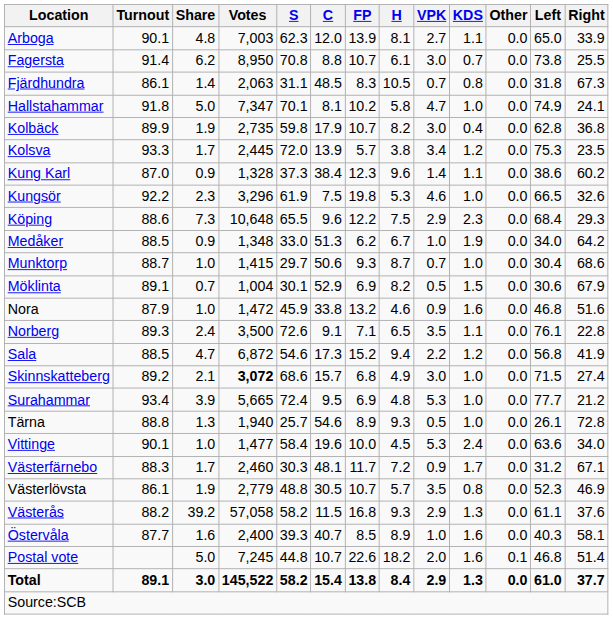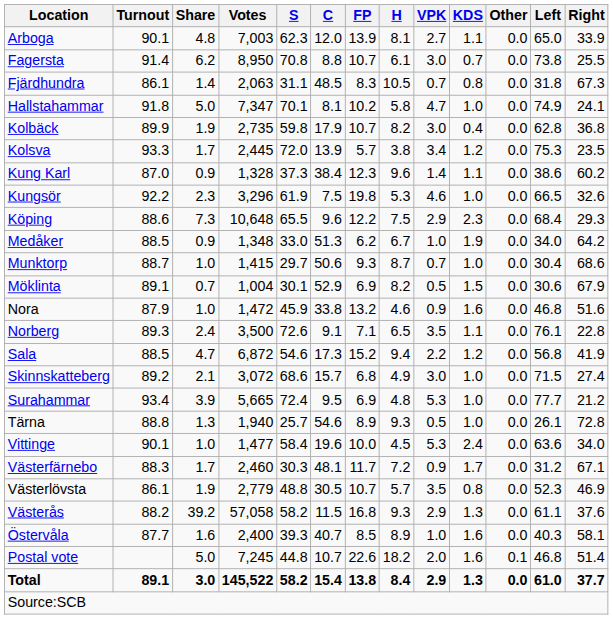 <table class="wikitable sortable" style=text-align:right>
 <tr>
 <th>Location</th>
 <th>Turnout</th>
 <th>Share</th>
 <th>Votes</th>
 <th><a href='#'>S</a></th>
 <th><a href='#'>C</a></th>
 <th><a href='#'>FP</a></th>
 <th><a href='#'>H</a></th>
 <th><a href='#'>VPK</a></th>
 <th><a href='#'>KDS</a></th>
 <th>Other</th>
 <th>Left</th>
 <th>Right</th>
 </tr>
 <tr>
 <td align=left><a href='#'>Arboga</a></td>
 <td>90.1</td>
 <td>4.8</td>
 <td>7,003</td>
 <td>62.3</td>
 <td>12.0</td>
 <td>13.9</td>
 <td>8.1</td>
 <td>2.7</td>
 <td>1.1</td>
 <td>0.0</td>
 <td>65.0</td>
 <td>33.9</td>
 </tr>
 <tr>
 <td align=left><a href='#'>Fagersta</a></td>
 <td>91.4</td>
 <td>6.2</td>
 <td>8,950</td>
 <td>70.8</td>
 <td>8.8</td>
 <td>10.7</td>
 <td>6.1</td>
 <td>3.0</td>
 <td>0.7</td>
 <td>0.0</td>
 <td>73.8</td>
 <td>25.5</td>
 </tr>
 <tr>
 <td align=left><a href='#'>Fjärdhundra</a></td>
 <td>86.1</td>
 <td>1.4</td>
 <td>2,063</td>
 <td>31.1</td>
 <td>48.5</td>
 <td>8.3</td>
 <td>10.5</td>
 <td>0.7</td>
 <td>0.8</td>
 <td>0.0</td>
 <td>31.8</td>
 <td>67.3</td>
 </tr>
 <tr>
 <td align=left><a href='#'>Hallstahammar</a></td>
 <td>91.8</td>
 <td>5.0</td>
 <td>7,347</td>
 <td>70.1</td>
 <td>8.1</td>
 <td>10.2</td>
 <td>5.8</td>
 <td>4.7</td>
 <td>1.0</td>
 <td>0.0</td>
 <td>74.9</td>
 <td>24.1</td>
 </tr>
 <tr>
 <td align=left><a href='#'>Kolbäck</a></td>
 <td>89.9</td>
 <td>1.9</td>
 <td>2,735</td>
 <td>59.8</td>
 <td>17.9</td>
 <td>10.7</td>
 <td>8.2</td>
 <td>3.0</td>
 <td>0.4</td>
 <td>0.0</td>
 <td>62.8</td>
 <td>36.8</td>
 </tr>
 <tr>
 <td align=left><a href='#'>Kolsva</a></td>
 <td>93.3</td>
 <td>1.7</td>
 <td>2,445</td>
 <td>72.0</td>
 <td>13.9</td>
 <td>5.7</td>
 <td>3.8</td>
 <td>3.4</td>
 <td>1.2</td>
 <td>0.0</td>
 <td>75.3</td>
 <td>23.5</td>
 </tr>
 <tr>
 <td align=left><a href='#'>Kung Karl</a></td>
 <td>87.0</td>
 <td>0.9</td>
 <td>1,328</td>
 <td>37.3</td>
 <td>38.4</td>
 <td>12.3</td>
 <td>9.6</td>
 <td>1.4</td>
 <td>1.1</td>
 <td>0.0</td>
 <td>38.6</td>
 <td>60.2</td>
 </tr>
 <tr>
 <td align=left><a href='#'>Kungsör</a></td>
 <td>92.2</td>
 <td>2.3</td>
 <td>3,296</td>
 <td>61.9</td>
 <td>7.5</td>
 <td>19.8</td>
 <td>5.3</td>
 <td>4.6</td>
 <td>1.0</td>
 <td>0.0</td>
 <td>66.5</td>
 <td>32.6</td>
 </tr>
 <tr>
 <td align=left><a href='#'>Köping</a></td>
 <td>88.6</td>
 <td>7.3</td>
 <td>10,648</td>
 <td>65.5</td>
 <td>9.6</td>
 <td>12.2</td>
 <td>7.5</td>
 <td>2.9</td>
 <td>2.3</td>
 <td>0.0</td>
 <td>68.4</td>
 <td>29.3</td>
 </tr>
 <tr>
 <td align=left><a href='#'>Medåker</a></td>
 <td>88.5</td>
 <td>0.9</td>
 <td>1,348</td>
 <td>33.0</td>
 <td>51.3</td>
 <td>6.2</td>
 <td>6.7</td>
 <td>1.0</td>
 <td>1.9</td>
 <td>0.0</td>
 <td>34.0</td>
 <td>64.2</td>
 </tr>
 <tr>
 <td align=left><a href='#'>Munktorp</a></td>
 <td>88.7</td>
 <td>1.0</td>
 <td>1,415</td>
 <td>29.7</td>
 <td>50.6</td>
 <td>9.3</td>
 <td>8.7</td>
 <td>0.7</td>
 <td>1.0</td>
 <td>0.0</td>
 <td>30.4</td>
 <td>68.6</td>
 </tr>
 <tr>
 <td align=left><a href='#'>Möklinta</a></td>
 <td>89.1</td>
 <td>0.7</td>
 <td>1,004</td>
 <td>30.1</td>
 <td>52.9</td>
 <td>6.9</td>
 <td>8.2</td>
 <td>0.5</td>
 <td>1.5</td>
 <td>0.0</td>
 <td>30.6</td>
 <td>67.9</td>
 </tr>
 <tr>
 <td align=left>Nora</td>
 <td>87.9</td>
 <td>1.0</td>
 <td>1,472</td>
 <td>45.9</td>
 <td>33.8</td>
 <td>13.2</td>
 <td>4.6</td>
 <td>0.9</td>
 <td>1.6</td>
 <td>0.0</td>
 <td>46.8</td>
 <td>51.6</td>
 </tr>
 <tr>
 <td align=left><a href='#'>Norberg</a></td>
 <td>89.3</td>
 <td>2.4</td>
 <td>3,500</td>
 <td>72.6</td>
 <td>9.1</td>
 <td>7.1</td>
 <td>6.5</td>
 <td>3.5</td>
 <td>1.1</td>
 <td>0.0</td>
 <td>76.1</td>
 <td>22.8</td>
 </tr>
 <tr>
 <td align=left><a href='#'>Sala</a></td>
 <td>88.5</td>
 <td>4.7</td>
 <td>6,872</td>
 <td>54.6</td>
 <td>17.3</td>
 <td>15.2</td>
 <td>9.4</td>
 <td>2.2</td>
 <td>1.2</td>
 <td>0.0</td>
 <td>56.8</td>
 <td>41.9</td>
 </tr>
 <tr>
 <td align=left><a href='#'>Skinnskatteberg</a></td>
 <td>89.2</td>
 <td>2.1</td>
-<td><strong>3,072</strong></td>
+<td>3,072</td>
 <td>68.6</td>
 <td>15.7</td>
 <td>6.8</td>
 <td>4.9</td>
 <td>3.0</td>
 <td>1.0</td>
 <td>0.0</td>
 <td>71.5</td>
 <td>27.4</td>
 </tr>
 <tr>
 <td align=left><a href='#'>Surahammar</a></td>
 <td>93.4</td>
 <td>3.9</td>
 <td>5,665</td>
 <td>72.4</td>
 <td>9.5</td>
 <td>6.9</td>
 <td>4.8</td>
 <td>5.3</td>
 <td>1.0</td>
 <td>0.0</td>
 <td>77.7</td>
 <td>21.2</td>
 </tr>
 <tr>
 <td align=left>Tärna</td>
 <td>88.8</td>
 <td>1.3</td>
 <td>1,940</td>
 <td>25.7</td>
 <td>54.6</td>
 <td>8.9</td>
 <td>9.3</td>
 <td>0.5</td>
 <td>1.0</td>
 <td>0.0</td>
 <td>26.1</td>
 <td>72.8</td>
 </tr>
 <tr>
 <td align=left><a href='#'>Vittinge</a></td>
 <td>90.1</td>
 <td>1.0</td>
 <td>1,477</td>
 <td>58.4</td>
 <td>19.6</td>
 <td>10.0</td>
 <td>4.5</td>
 <td>5.3</td>
 <td>2.4</td>
 <td>0.0</td>
 <td>63.6</td>
 <td>34.0</td>
 </tr>
 <tr>
 <td align=left><a href='#'>Västerfärnebo</a></td>
 <td>88.3</td>
 <td>1.7</td>
 <td>2,460</td>
 <td>30.3</td>
 <td>48.1</td>
 <td>11.7</td>
 <td>7.2</td>
 <td>0.9</td>
 <td>1.7</td>
 <td>0.0</td>
 <td>31.2</td>
 <td>67.1</td>
 </tr>
 <tr>
 <td align=left>Västerlövsta</td>
 <td>86.1</td>
 <td>1.9</td>
 <td>2,779</td>
 <td>48.8</td>
 <td>30.5</td>
 <td>10.7</td>
 <td>5.7</td>
 <td>3.5</td>
 <td>0.8</td>
 <td>0.0</td>
 <td>52.3</td>
 <td>46.9</td>
 </tr>
 <tr>
 <td align=left><a href='#'>Västerås</a></td>
 <td>88.2</td>
 <td>39.2</td>
 <td>57,058</td>
 <td>58.2</td>
 <td>11.5</td>
 <td>16.8</td>
 <td>9.3</td>
 <td>2.9</td>
 <td>1.3</td>
 <td>0.0</td>
 <td>61.1</td>
 <td>37.6</td>
 </tr>
 <tr>
 <td align=left><a href='#'>Östervåla</a></td>
 <td>87.7</td>
 <td>1.6</td>
 <td>2,400</td>
 <td>39.3</td>
 <td>40.7</td>
 <td>8.5</td>
 <td>8.9</td>
 <td>1.0</td>
 <td>1.6</td>
 <td>0.0</td>
 <td>40.3</td>
 <td>58.1</td>
 </tr>
 <tr>
 <td align=left><a href='#'>Postal vote</a></td>
 <td></td>
 <td>5.0</td>
 <td>7,245</td>
 <td>44.8</td>
 <td>10.7</td>
 <td>22.6</td>
 <td>18.2</td>
 <td>2.0</td>
 <td>1.6</td>
 <td>0.1</td>
 <td>46.8</td>
 <td>51.4</td>
 </tr>
 <tr>
 <td align=left><strong>Total</strong></td>
 <td><strong>89.1</strong></td>
 <td><strong>3.0</strong></td>
 <td><strong>145,522</strong></td>
 <td><strong>58.2</strong></td>
 <td><strong>15.4</strong></td>
 <td><strong>13.8</strong></td>
 <td><strong>8.4</strong></td>
 <td><strong>2.9</strong></td>
 <td><strong>1.3</strong></td>
 <td><strong>0.0</strong></td>
 <td><strong>61.0</strong></td>
 <td><strong>37.7</strong></td>
 </tr>
 <tr>
 <td align=left colspan=13>Source:SCB </td>
 </tr>
 </table>
